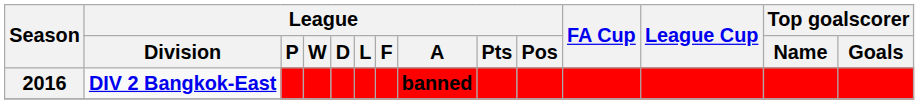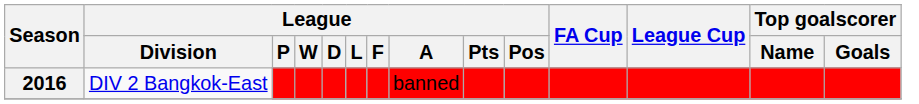 <table class="wikitable" style="text-align: center">
 <tr>
 <th rowspan=2>Season</th>
 <th colspan=9>League</th>
 <th rowspan=2><a href='#'>FA Cup</a></th>
 <th rowspan=2><a href='#'>League Cup</a></th>
 <th colspan=2>Top goalscorer</th>
 </tr>
 <tr>
 <th>Division</th>
 <th>P</th>
 <th>W</th>
 <th>D</th>
 <th>L</th>
 <th>F</th>
 <th>A</th>
 <th>Pts</th>
 <th>Pos</th>
 <th>Name</th>
 <th>Goals</th>
 </tr>
 <tr>
 <th>2016</th>
-<td><strong><a href='#'>DIV 2 Bangkok-East</a></strong></td>
+<td><a href='#'>DIV 2 Bangkok-East</a></td>
 <td bgcolor=red></td>
 <td bgcolor=red></td>
 <td bgcolor=red></td>
 <td bgcolor=red></td>
 <td bgcolor=red></td>
-<td bgcolor=red><strong>banned</strong></td>
+<td bgcolor=red>banned</td>
 <td bgcolor=red></td>
 <td bgcolor=red></td>
 <td bgcolor=red></td>
 <td bgcolor=red></td>
 <td bgcolor=red></td>
 <td bgcolor=red></td>
 </tr>
 <tr>
 </tr>
 </table>
